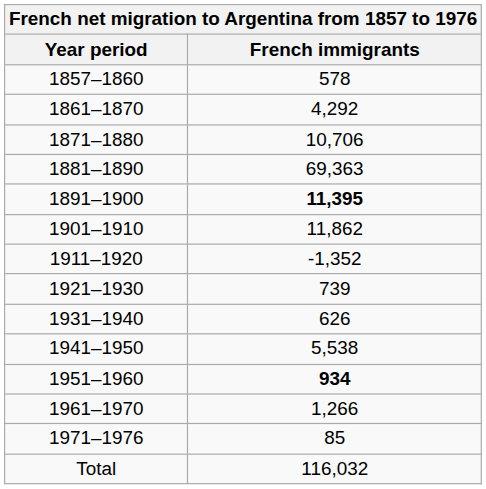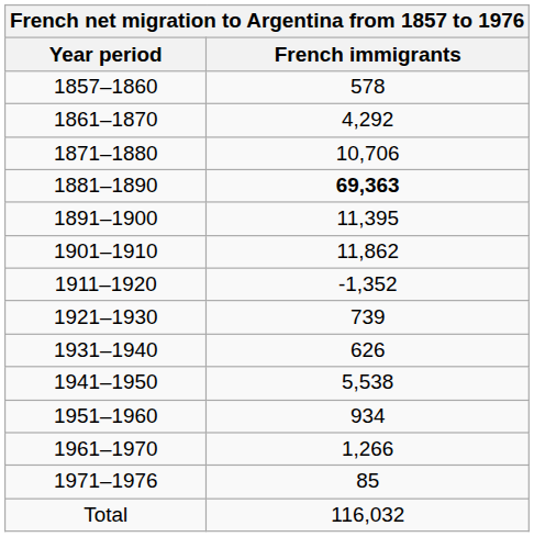 <table class="wikitable" style="text-align:center;">
 <tr>
 <th colspan=5>French net migration to Argentina from 1857 to 1976</th>
 </tr>
 <tr>
 <th>Year period</th>
 <th>French immigrants</th>
 </tr>
 <tr>
 <td>1857–1860</td>
 <td>578</td>
 </tr>
 <tr>
 <td>1861–1870</td>
 <td>4,292</td>
 </tr>
 <tr>
 <td>1871–1880</td>
 <td>10,706</td>
 </tr>
 <tr>
 <td>1881–1890</td>
-<td>69,363</td>
+<td><strong>69,363</strong></td>
 </tr>
 <tr>
 <td>1891–1900</td>
-<td><strong>11,395</strong></td>
+<td>11,395</td>
 </tr>
 <tr>
 <td>1901–1910</td>
 <td>11,862</td>
 </tr>
 <tr>
 <td>1911–1920</td>
 <td>-1,352</td>
 </tr>
 <tr>
 <td>1921–1930</td>
 <td>739</td>
 </tr>
 <tr>
 <td>1931–1940</td>
 <td>626</td>
 </tr>
 <tr>
 <td>1941–1950</td>
 <td>5,538</td>
 </tr>
 <tr>
 <td>1951–1960</td>
-<td><strong>934</strong></td>
+<td>934</td>
 </tr>
 <tr>
 <td>1961–1970</td>
 <td>1,266</td>
 </tr>
 <tr>
 <td>1971–1976</td>
 <td>85</td>
 </tr>
 <tr>
 <td>Total</td>
 <td>116,032</td>
 </tr>
 </table>
